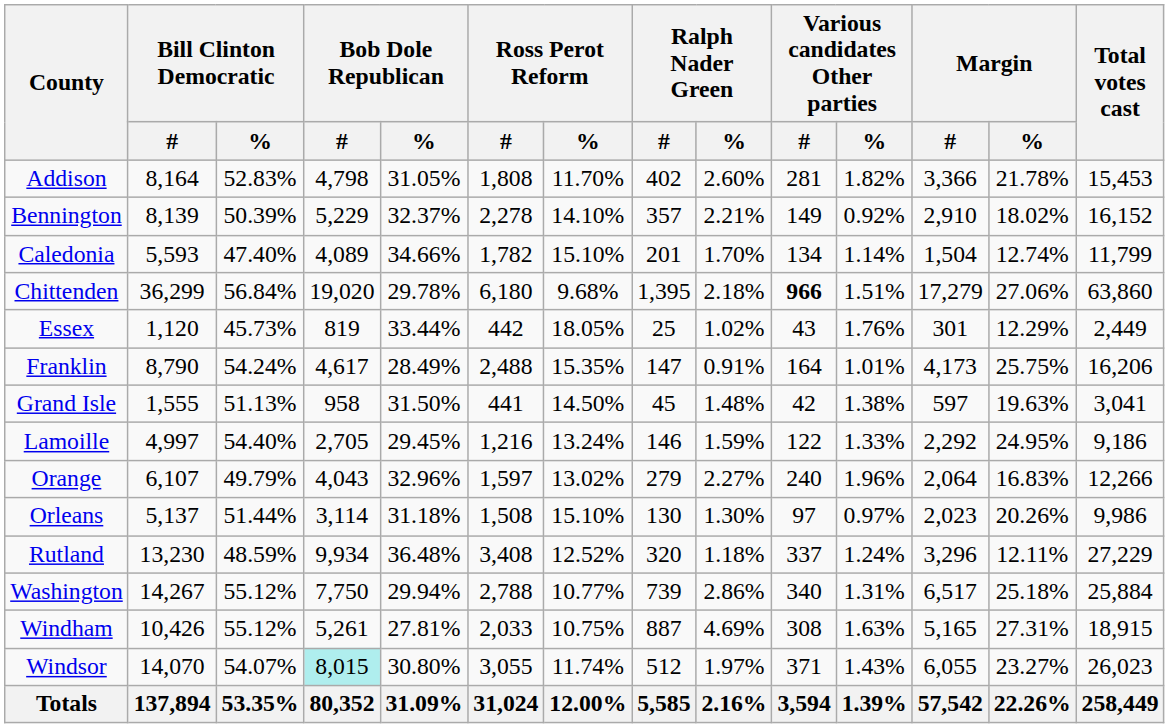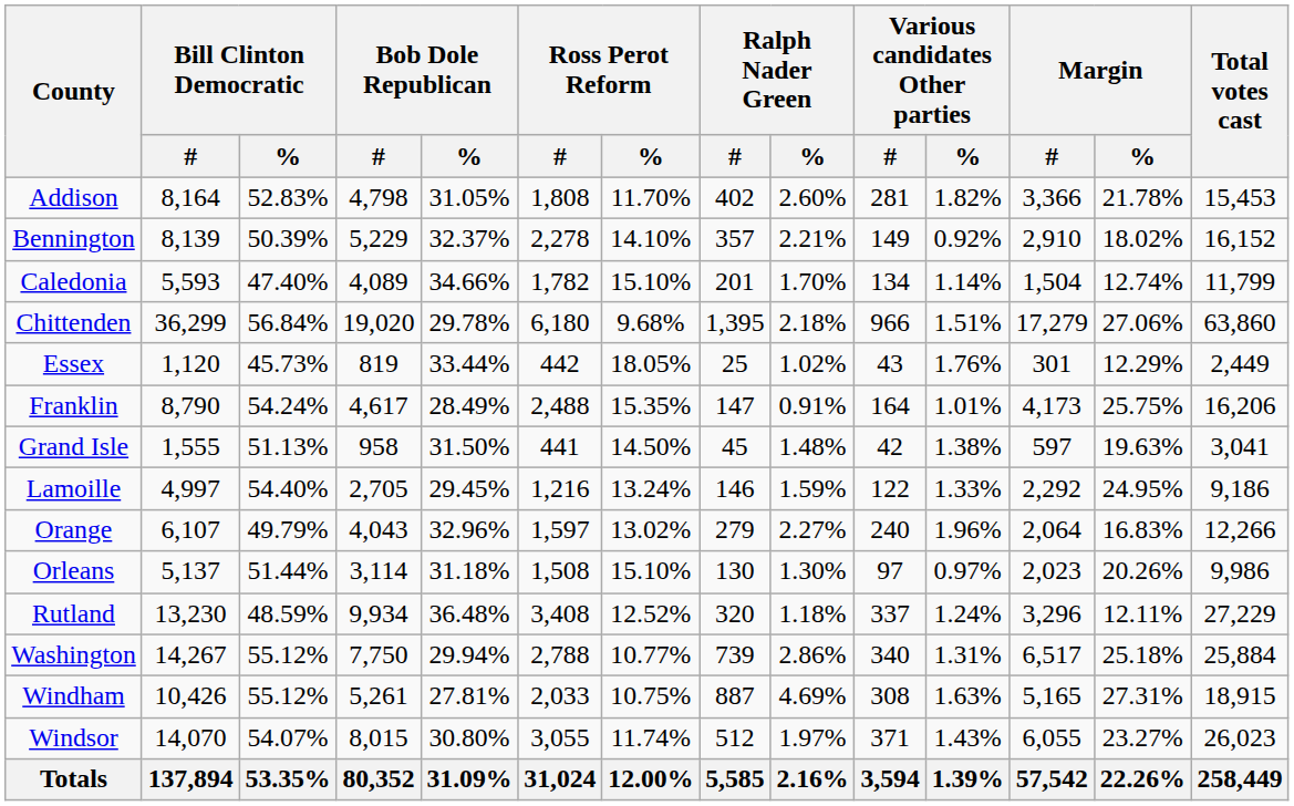 <table width="60%" class="wikitable sortable">
 <tr>
 <th rowspan="2">County</th>
 <th colspan="2">Bill Clinton<br>Democratic</th>
 <th colspan="2">Bob Dole<br>Republican</th>
 <th colspan="2">Ross Perot<br>Reform</th>
 <th colspan="2">Ralph Nader<br>Green</th>
 <th colspan="2">Various candidates<br>Other parties</th>
 <th colspan="2">Margin</th>
 <th rowspan="2">Total votes cast</th>
 </tr>
 <tr bgcolor="lightgrey">
 <th data-sort-type="number">#</th>
 <th data-sort-type="number">%</th>
 <th data-sort-type="number">#</th>
 <th data-sort-type="number">%</th>
 <th data-sort-type="number">#</th>
 <th data-sort-type="number">%</th>
 <th data-sort-type="number">#</th>
 <th data-sort-type="number">%</th>
 <th data-sort-type="number">#</th>
 <th data-sort-type="number">%</th>
 <th data-sort-type="number">#</th>
 <th data-sort-type="number">%</th>
 </tr>
 <tr style="text-align:center;">
 <td><a href='#'>Addison</a></td>
 <td>8,164</td>
 <td>52.83%</td>
 <td>4,798</td>
 <td>31.05%</td>
 <td>1,808</td>
 <td>11.70%</td>
 <td>402</td>
 <td>2.60%</td>
 <td>281</td>
 <td>1.82%</td>
 <td>3,366</td>
 <td>21.78%</td>
 <td>15,453</td>
 </tr>
 <tr style="text-align:center;">
 <td><a href='#'>Bennington</a></td>
 <td>8,139</td>
 <td>50.39%</td>
 <td>5,229</td>
 <td>32.37%</td>
 <td>2,278</td>
 <td>14.10%</td>
 <td>357</td>
 <td>2.21%</td>
 <td>149</td>
 <td>0.92%</td>
 <td>2,910</td>
 <td>18.02%</td>
 <td>16,152</td>
 </tr>
 <tr style="text-align:center;">
 <td><a href='#'>Caledonia</a></td>
 <td>5,593</td>
 <td>47.40%</td>
 <td>4,089</td>
 <td>34.66%</td>
 <td>1,782</td>
 <td>15.10%</td>
 <td>201</td>
 <td>1.70%</td>
 <td>134</td>
 <td>1.14%</td>
 <td>1,504</td>
 <td>12.74%</td>
 <td>11,799</td>
 </tr>
 <tr style="text-align:center;">
 <td><a href='#'>Chittenden</a></td>
 <td>36,299</td>
 <td>56.84%</td>
 <td>19,020</td>
 <td>29.78%</td>
 <td>6,180</td>
 <td>9.68%</td>
 <td>1,395</td>
 <td>2.18%</td>
-<td><strong>966</strong></td>
+<td>966</td>
 <td>1.51%</td>
 <td>17,279</td>
 <td>27.06%</td>
 <td>63,860</td>
 </tr>
 <tr style="text-align:center;">
 <td><a href='#'>Essex</a></td>
 <td>1,120</td>
 <td>45.73%</td>
 <td>819</td>
 <td>33.44%</td>
 <td>442</td>
 <td>18.05%</td>
 <td>25</td>
 <td>1.02%</td>
 <td>43</td>
 <td>1.76%</td>
 <td>301</td>
 <td>12.29%</td>
 <td>2,449</td>
 </tr>
 <tr style="text-align:center;">
 <td><a href='#'>Franklin</a></td>
 <td>8,790</td>
 <td>54.24%</td>
 <td>4,617</td>
 <td>28.49%</td>
 <td>2,488</td>
 <td>15.35%</td>
 <td>147</td>
 <td>0.91%</td>
 <td>164</td>
 <td>1.01%</td>
 <td>4,173</td>
 <td>25.75%</td>
 <td>16,206</td>
 </tr>
 <tr style="text-align:center;">
 <td><a href='#'>Grand Isle</a></td>
 <td>1,555</td>
 <td>51.13%</td>
 <td>958</td>
 <td>31.50%</td>
 <td>441</td>
 <td>14.50%</td>
 <td>45</td>
 <td>1.48%</td>
 <td>42</td>
 <td>1.38%</td>
 <td>597</td>
 <td>19.63%</td>
 <td>3,041</td>
 </tr>
 <tr style="text-align:center;">
 <td><a href='#'>Lamoille</a></td>
 <td>4,997</td>
 <td>54.40%</td>
 <td>2,705</td>
 <td>29.45%</td>
 <td>1,216</td>
 <td>13.24%</td>
 <td>146</td>
 <td>1.59%</td>
 <td>122</td>
 <td>1.33%</td>
 <td>2,292</td>
 <td>24.95%</td>
 <td>9,186</td>
 </tr>
 <tr style="text-align:center;">
 <td><a href='#'>Orange</a></td>
 <td>6,107</td>
 <td>49.79%</td>
 <td>4,043</td>
 <td>32.96%</td>
 <td>1,597</td>
 <td>13.02%</td>
 <td>279</td>
 <td>2.27%</td>
 <td>240</td>
 <td>1.96%</td>
 <td>2,064</td>
 <td>16.83%</td>
 <td>12,266</td>
 </tr>
 <tr style="text-align:center;">
 <td><a href='#'>Orleans</a></td>
 <td>5,137</td>
 <td>51.44%</td>
 <td>3,114</td>
 <td>31.18%</td>
 <td>1,508</td>
 <td>15.10%</td>
 <td>130</td>
 <td>1.30%</td>
 <td>97</td>
 <td>0.97%</td>
 <td>2,023</td>
 <td>20.26%</td>
 <td>9,986</td>
 </tr>
 <tr style="text-align:center;">
 <td><a href='#'>Rutland</a></td>
 <td>13,230</td>
 <td>48.59%</td>
 <td>9,934</td>
 <td>36.48%</td>
 <td>3,408</td>
 <td>12.52%</td>
 <td>320</td>
 <td>1.18%</td>
 <td>337</td>
 <td>1.24%</td>
 <td>3,296</td>
 <td>12.11%</td>
 <td>27,229</td>
 </tr>
 <tr style="text-align:center;">
 <td><a href='#'>Washington</a></td>
 <td>14,267</td>
 <td>55.12%</td>
 <td>7,750</td>
 <td>29.94%</td>
 <td>2,788</td>
 <td>10.77%</td>
 <td>739</td>
 <td>2.86%</td>
 <td>340</td>
 <td>1.31%</td>
 <td>6,517</td>
 <td>25.18%</td>
 <td>25,884</td>
 </tr>
 <tr style="text-align:center;">
 <td><a href='#'>Windham</a></td>
 <td>10,426</td>
 <td>55.12%</td>
 <td>5,261</td>
 <td>27.81%</td>
 <td>2,033</td>
 <td>10.75%</td>
 <td>887</td>
 <td>4.69%</td>
 <td>308</td>
 <td>1.63%</td>
 <td>5,165</td>
 <td>27.31%</td>
 <td>18,915</td>
 </tr>
 <tr style="text-align:center;">
 <td><a href='#'>Windsor</a></td>
 <td>14,070</td>
 <td>54.07%</td>
-<td style="background: paleturquoise;">8,015</td>
+<td>8,015</td>
 <td>30.80%</td>
 <td>3,055</td>
 <td>11.74%</td>
 <td>512</td>
 <td>1.97%</td>
 <td>371</td>
 <td>1.43%</td>
 <td>6,055</td>
 <td>23.27%</td>
 <td>26,023</td>
 </tr>
 <tr style="text-align:center;">
 <th>Totals</th>
 <th>137,894</th>
 <th>53.35%</th>
 <th>80,352</th>
 <th>31.09%</th>
 <th>31,024</th>
 <th>12.00%</th>
 <th>5,585</th>
 <th>2.16%</th>
 <th>3,594</th>
 <th>1.39%</th>
 <th>57,542</th>
 <th>22.26%</th>
 <th>258,449</th>
 </tr>
 </table>
